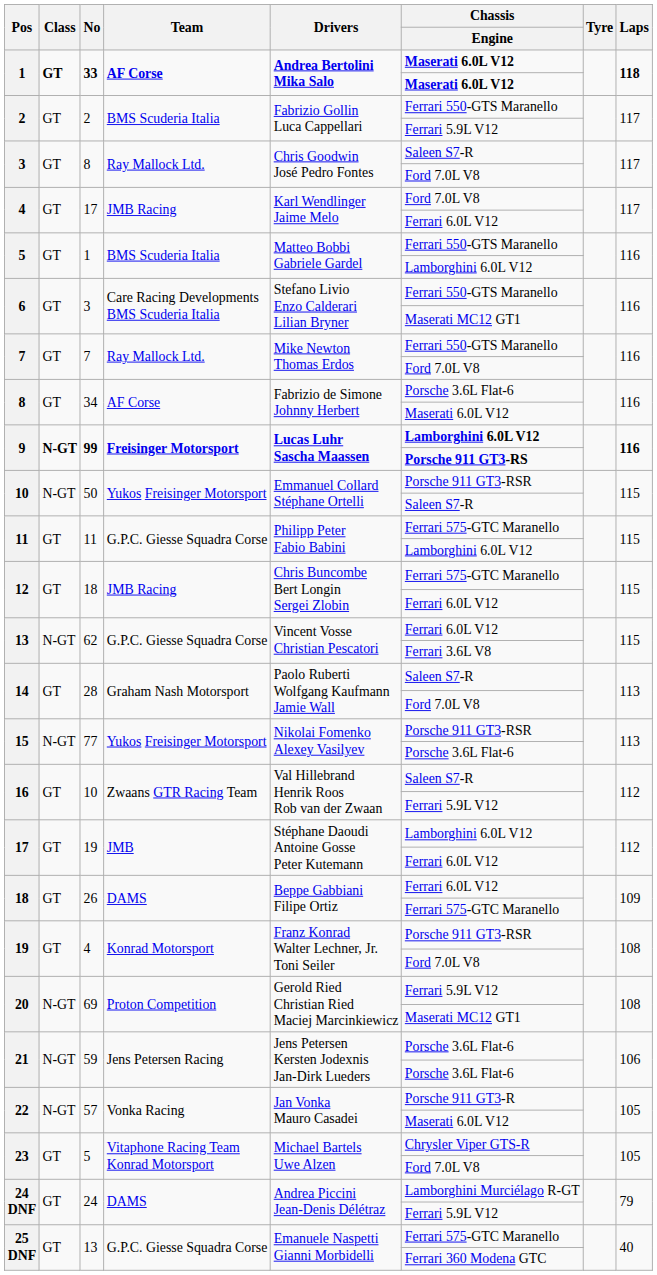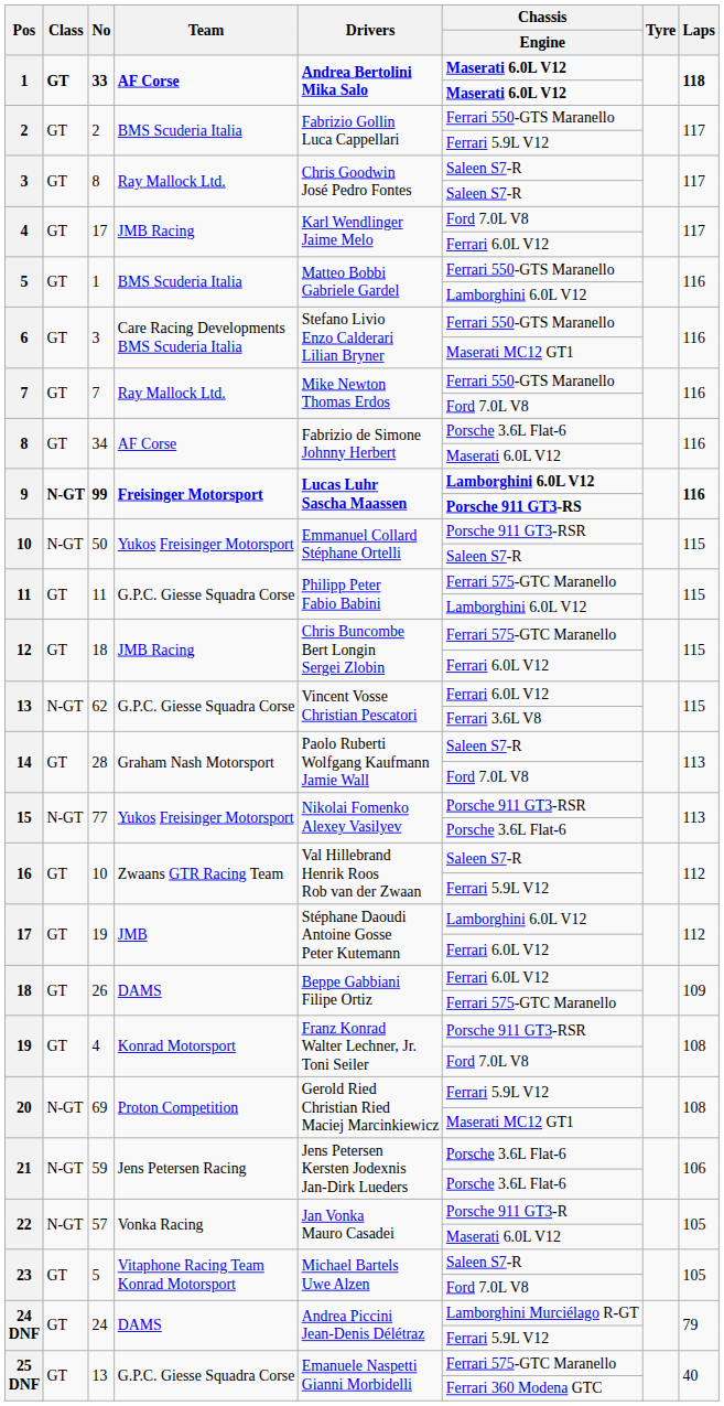 <table class="wikitable" style="font-size: 95%;">
 <tr>
 <th rowspan=2>Pos</th>
 <th rowspan=2>Class</th>
 <th rowspan=2>No</th>
 <th rowspan=2>Team</th>
 <th rowspan=2>Drivers</th>
 <th>Chassis</th>
 <th rowspan=2>Tyre</th>
 <th rowspan=2>Laps</th>
 </tr>
 <tr>
 <th>Engine</th>
 </tr>
 <tr style="font-weight:bold">
 <th rowspan=2>1</th>
 <td rowspan=2>GT</td>
 <td rowspan=2>33</td>
 <td rowspan=2> <a href='#'>AF Corse</a></td>
 <td rowspan=2> <a href='#'>Andrea Bertolini</a><br> <a href='#'>Mika Salo</a></td>
 <td><a href='#'>Maserati</a> 6.0L V12</td>
 <td rowspan=2></td>
 <td rowspan=2>118</td>
 </tr>
 <tr style="font-weight:bold">
 <td><a href='#'>Maserati</a> 6.0L V12</td>
 </tr>
 <tr>
 <th rowspan=2>2</th>
 <td rowspan=2>GT</td>
 <td rowspan=2>2</td>
 <td rowspan=2> <a href='#'>BMS Scuderia Italia</a></td>
 <td rowspan=2> <a href='#'>Fabrizio Gollin</a><br> Luca Cappellari</td>
 <td><a href='#'>Ferrari 550</a>-GTS Maranello</td>
 <td rowspan=2></td>
 <td rowspan=2>117</td>
 </tr>
 <tr>
 <td><a href='#'>Ferrari</a> 5.9L V12</td>
 </tr>
 <tr>
 <th rowspan=2>3</th>
 <td rowspan=2>GT</td>
 <td rowspan=2>8</td>
 <td rowspan=2> <a href='#'>Ray Mallock Ltd.</a></td>
 <td rowspan=2> <a href='#'>Chris Goodwin</a><br> José Pedro Fontes</td>
 <td><a href='#'>Saleen S7</a>-R</td>
 <td rowspan=2></td>
 <td rowspan=2>117</td>
 </tr>
 <tr>
-<td><a href='#'>Ford</a> 7.0L V8</td>
+<td><a href='#'>Saleen S7</a>-R</td>
 </tr>
 <tr>
 <th rowspan=2>4</th>
 <td rowspan=2>GT</td>
 <td rowspan=2>17</td>
 <td rowspan=2> <a href='#'>JMB Racing</a></td>
 <td rowspan=2> <a href='#'>Karl Wendlinger</a><br> <a href='#'>Jaime Melo</a></td>
 <td><a href='#'>Ford</a> 7.0L V8</td>
 <td rowspan=2></td>
 <td rowspan=2>117</td>
 </tr>
 <tr>
 <td><a href='#'>Ferrari</a> 6.0L V12</td>
 </tr>
 <tr>
 <th rowspan=2>5</th>
 <td rowspan=2>GT</td>
 <td rowspan=2>1</td>
 <td rowspan=2> <a href='#'>BMS Scuderia Italia</a></td>
 <td rowspan=2> <a href='#'>Matteo Bobbi</a><br> <a href='#'>Gabriele Gardel</a></td>
 <td><a href='#'>Ferrari 550</a>-GTS Maranello</td>
 <td rowspan=2></td>
 <td rowspan=2>116</td>
 </tr>
 <tr>
 <td><a href='#'>Lamborghini</a> 6.0L V12</td>
 </tr>
 <tr>
 <th rowspan=2>6</th>
 <td rowspan=2>GT</td>
 <td rowspan=2>3</td>
 <td rowspan=2> Care Racing Developments<br> <a href='#'>BMS Scuderia Italia</a></td>
 <td rowspan=2> Stefano Livio<br> <a href='#'>Enzo Calderari</a><br> <a href='#'>Lilian Bryner</a></td>
 <td><a href='#'>Ferrari 550</a>-GTS Maranello</td>
 <td rowspan=2></td>
 <td rowspan=2>116</td>
 </tr>
 <tr>
 <td><a href='#'>Maserati MC12</a> GT1</td>
 </tr>
 <tr>
 <th rowspan=2>7</th>
 <td rowspan=2>GT</td>
 <td rowspan=2>7</td>
 <td rowspan=2> <a href='#'>Ray Mallock Ltd.</a></td>
 <td rowspan=2> <a href='#'>Mike Newton</a><br> <a href='#'>Thomas Erdos</a></td>
 <td><a href='#'>Ferrari 550</a>-GTS Maranello</td>
 <td rowspan=2></td>
 <td rowspan=2>116</td>
 </tr>
 <tr>
 <td><a href='#'>Ford</a> 7.0L V8</td>
 </tr>
 <tr>
 <th rowspan=2>8</th>
 <td rowspan=2>GT</td>
 <td rowspan=2>34</td>
 <td rowspan=2> <a href='#'>AF Corse</a></td>
 <td rowspan=2> Fabrizio de Simone<br> <a href='#'>Johnny Herbert</a></td>
 <td><a href='#'>Porsche</a> 3.6L Flat-6</td>
 <td rowspan=2></td>
 <td rowspan=2>116</td>
 </tr>
 <tr>
 <td><a href='#'>Maserati</a> 6.0L V12</td>
 </tr>
 <tr style="font-weight:bold">
 <th rowspan=2>9</th>
 <td rowspan=2>N-GT</td>
 <td rowspan=2>99</td>
 <td rowspan=2> <a href='#'>Freisinger Motorsport</a></td>
 <td rowspan=2> <a href='#'>Lucas Luhr</a><br> <a href='#'>Sascha Maassen</a></td>
 <td><a href='#'>Lamborghini</a> 6.0L V12</td>
 <td rowspan=2></td>
 <td rowspan=2>116</td>
 </tr>
 <tr style="font-weight:bold">
 <td><a href='#'>Porsche 911 GT3</a>-RS</td>
 </tr>
 <tr>
 <th rowspan=2>10</th>
 <td rowspan=2>N-GT</td>
 <td rowspan=2>50</td>
 <td rowspan=2> <a href='#'>Yukos</a> <a href='#'>Freisinger Motorsport</a></td>
 <td rowspan=2> <a href='#'>Emmanuel Collard</a><br> <a href='#'>Stéphane Ortelli</a></td>
 <td><a href='#'>Porsche 911 GT3</a>-RSR</td>
 <td rowspan=2></td>
 <td rowspan=2>115</td>
 </tr>
 <tr>
 <td><a href='#'>Saleen S7</a>-R</td>
 </tr>
 <tr>
 <th rowspan=2>11</th>
 <td rowspan=2>GT</td>
 <td rowspan=2>11</td>
 <td rowspan=2> G.P.C. Giesse Squadra Corse</td>
 <td rowspan=2> <a href='#'>Philipp Peter</a><br> <a href='#'>Fabio Babini</a></td>
 <td><a href='#'>Ferrari 575</a>-GTC Maranello</td>
 <td rowspan=2></td>
 <td rowspan=2>115</td>
 </tr>
 <tr>
 <td><a href='#'>Lamborghini</a> 6.0L V12</td>
 </tr>
 <tr>
 <th rowspan=2>12</th>
 <td rowspan=2>GT</td>
 <td rowspan=2>18</td>
 <td rowspan=2> <a href='#'>JMB Racing</a></td>
 <td rowspan=2> <a href='#'>Chris Buncombe</a><br> Bert Longin<br> <a href='#'>Sergei Zlobin</a></td>
 <td><a href='#'>Ferrari 575</a>-GTC Maranello</td>
 <td rowspan=2></td>
 <td rowspan=2>115</td>
 </tr>
 <tr>
 <td><a href='#'>Ferrari</a> 6.0L V12</td>
 </tr>
 <tr>
 <th rowspan=2>13</th>
 <td rowspan=2>N-GT</td>
 <td rowspan=2>62</td>
 <td rowspan=2> G.P.C. Giesse Squadra Corse</td>
 <td rowspan=2> Vincent Vosse<br> <a href='#'>Christian Pescatori</a></td>
 <td><a href='#'>Ferrari</a> 6.0L V12</td>
 <td rowspan=2></td>
 <td rowspan=2>115</td>
 </tr>
 <tr>
 <td><a href='#'>Ferrari</a> 3.6L V8</td>
 </tr>
 <tr>
 <th rowspan=2>14</th>
 <td rowspan=2>GT</td>
 <td rowspan=2>28</td>
 <td rowspan=2> Graham Nash Motorsport</td>
 <td rowspan=2> Paolo Ruberti<br> Wolfgang Kaufmann<br> <a href='#'>Jamie Wall</a></td>
 <td><a href='#'>Saleen S7</a>-R</td>
 <td rowspan=2></td>
 <td rowspan=2>113</td>
 </tr>
 <tr>
 <td><a href='#'>Ford</a> 7.0L V8</td>
 </tr>
 <tr>
 <th rowspan=2>15</th>
 <td rowspan=2>N-GT</td>
 <td rowspan=2>77</td>
 <td rowspan=2> <a href='#'>Yukos</a> <a href='#'>Freisinger Motorsport</a></td>
 <td rowspan=2> <a href='#'>Nikolai Fomenko</a><br> <a href='#'>Alexey Vasilyev</a></td>
 <td><a href='#'>Porsche 911 GT3</a>-RSR</td>
 <td rowspan=2></td>
 <td rowspan=2>113</td>
 </tr>
 <tr>
 <td><a href='#'>Porsche</a> 3.6L Flat-6</td>
 </tr>
 <tr>
 <th rowspan=2>16</th>
 <td rowspan=2>GT</td>
 <td rowspan=2>10</td>
 <td rowspan=2> Zwaans <a href='#'>GTR Racing</a> Team</td>
 <td rowspan=2> Val Hillebrand<br> Henrik Roos<br> Rob van der Zwaan</td>
 <td><a href='#'>Saleen S7</a>-R</td>
 <td rowspan=2></td>
 <td rowspan=2>112</td>
 </tr>
 <tr>
 <td><a href='#'>Ferrari</a> 5.9L V12</td>
 </tr>
 <tr>
 <th rowspan=2>17</th>
 <td rowspan=2>GT</td>
 <td rowspan=2>19</td>
 <td rowspan=2> <a href='#'>JMB</a></td>
 <td rowspan=2> Stéphane Daoudi<br> Antoine Gosse<br> Peter Kutemann</td>
 <td><a href='#'>Lamborghini</a> 6.0L V12</td>
 <td rowspan=2></td>
 <td rowspan=2>112</td>
 </tr>
 <tr>
 <td><a href='#'>Ferrari</a> 6.0L V12</td>
 </tr>
 <tr>
 <th rowspan=2>18</th>
 <td rowspan=2>GT</td>
 <td rowspan=2>26</td>
 <td rowspan=2> <a href='#'>DAMS</a></td>
 <td rowspan=2> <a href='#'>Beppe Gabbiani</a><br> Filipe Ortiz</td>
 <td><a href='#'>Ferrari</a> 6.0L V12</td>
 <td rowspan=2></td>
 <td rowspan=2>109</td>
 </tr>
 <tr>
 <td><a href='#'>Ferrari 575</a>-GTC Maranello</td>
 </tr>
 <tr>
 <th rowspan=2>19</th>
 <td rowspan=2>GT</td>
 <td rowspan=2>4</td>
 <td rowspan=2> <a href='#'>Konrad Motorsport</a></td>
 <td rowspan=2> <a href='#'>Franz Konrad</a><br> Walter Lechner, Jr.<br> Toni Seiler</td>
 <td><a href='#'>Porsche 911 GT3</a>-RSR</td>
 <td rowspan=2></td>
 <td rowspan=2>108</td>
 </tr>
 <tr>
 <td><a href='#'>Ford</a> 7.0L V8</td>
 </tr>
 <tr>
 <th rowspan=2>20</th>
 <td rowspan=2>N-GT</td>
 <td rowspan=2>69</td>
 <td rowspan=2> <a href='#'>Proton Competition</a></td>
 <td rowspan=2> Gerold Ried<br> Christian Ried<br> Maciej Marcinkiewicz</td>
 <td><a href='#'>Ferrari</a> 5.9L V12</td>
 <td rowspan=2></td>
 <td rowspan=2>108</td>
 </tr>
 <tr>
 <td><a href='#'>Maserati MC12</a> GT1</td>
 </tr>
 <tr>
 <th rowspan=2>21</th>
 <td rowspan=2>N-GT</td>
 <td rowspan=2>59</td>
 <td rowspan=2> Jens Petersen Racing</td>
 <td rowspan=2> Jens Petersen<br> Kersten Jodexnis<br> Jan-Dirk Lueders</td>
 <td><a href='#'>Porsche</a> 3.6L Flat-6</td>
 <td rowspan=2></td>
 <td rowspan=2>106</td>
 </tr>
 <tr>
 <td><a href='#'>Porsche</a> 3.6L Flat-6</td>
 </tr>
 <tr>
 <th rowspan=2>22</th>
 <td rowspan=2>N-GT</td>
 <td rowspan=2>57</td>
 <td rowspan=2> Vonka Racing</td>
 <td rowspan=2> <a href='#'>Jan Vonka</a><br> Mauro Casadei</td>
 <td><a href='#'>Porsche 911 GT3</a>-R</td>
 <td rowspan=2></td>
 <td rowspan=2>105</td>
 </tr>
 <tr>
 <td><a href='#'>Maserati</a> 6.0L V12</td>
 </tr>
 <tr>
 <th rowspan=2>23</th>
 <td rowspan=2>GT</td>
 <td rowspan=2>5</td>
 <td rowspan=2> <a href='#'>Vitaphone Racing Team</a><br> <a href='#'>Konrad Motorsport</a></td>
 <td rowspan=2> <a href='#'>Michael Bartels</a><br> <a href='#'>Uwe Alzen</a></td>
-<td><a href='#'>Chrysler Viper GTS-R</a></td>
+<td><a href='#'>Saleen S7</a>-R</td>
 <td rowspan=2></td>
 <td rowspan=2>105</td>
 </tr>
 <tr>
 <td><a href='#'>Ford</a> 7.0L V8</td>
 </tr>
 <tr>
 <th rowspan=2>24<br>DNF</th>
 <td rowspan=2>GT</td>
 <td rowspan=2>24</td>
 <td rowspan=2> <a href='#'>DAMS</a></td>
 <td rowspan=2> <a href='#'>Andrea Piccini</a><br> <a href='#'>Jean-Denis Délétraz</a></td>
 <td><a href='#'>Lamborghini Murciélago</a> R-GT</td>
 <td rowspan=2></td>
 <td rowspan=2>79</td>
 </tr>
 <tr>
 <td><a href='#'>Ferrari</a> 5.9L V12</td>
 </tr>
 <tr>
 <th rowspan=2>25<br>DNF</th>
 <td rowspan=2>GT</td>
 <td rowspan=2>13</td>
 <td rowspan=2> G.P.C. Giesse Squadra Corse</td>
 <td rowspan=2> <a href='#'>Emanuele Naspetti</a><br> <a href='#'>Gianni Morbidelli</a></td>
 <td><a href='#'>Ferrari 575</a>-GTC Maranello</td>
 <td rowspan=2></td>
 <td rowspan=2>40</td>
 </tr>
 <tr>
 <td><a href='#'>Ferrari 360 Modena</a> GTC</td>
 </tr>
 </table>
